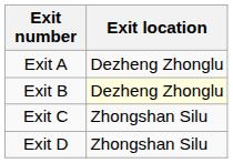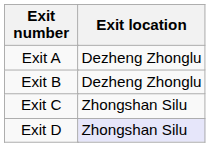 <table class="wikitable">
 <tr>
 <th style="width:70px" colspan="2">Exit number</th>
 <th>Exit location</th>
 </tr>
 <tr>
 <td align="center" colspan="2">Exit A</td>
 <td>Dezheng Zhonglu</td>
 </tr>
 <tr>
 <td align="center" colspan="2">Exit B</td>
-<td style="background: lightyellow;">Dezheng Zhonglu</td>
+<td>Dezheng Zhonglu</td>
 </tr>
 <tr>
 <td align="center" colspan="2">Exit C</td>
 <td>Zhongshan Silu</td>
 </tr>
 <tr>
 <td align="center" colspan="2">Exit D</td>
-<td>Zhongshan Silu</td>
+<td style="background: lavender;">Zhongshan Silu</td>
 </tr>
 </table>
